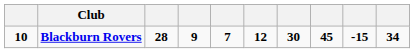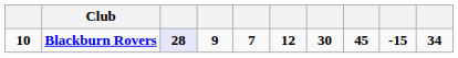 <table class="wikitable" style="text-align:center;border:1px solid #AAAAAA;font-size:90%">
 <tr>
 <th width=30></th>
 <th>Club</th>
 <th width=30></th>
 <th width=30></th>
 <th width=30></th>
 <th width=30></th>
 <th width=30></th>
 <th width=30></th>
 <th width=30></th>
 <th width=30></th>
 </tr>
 <tr>
 <td><strong>10</strong></td>
 <td align=left><strong><a href='#'>Blackburn Rovers</a></strong></td>
-<td><strong>28</strong></td>
+<td style="background: lavender;"><strong>28</strong></td>
 <td><strong>9</strong></td>
 <td><strong>7</strong></td>
 <td><strong>12</strong></td>
 <td><strong>30</strong></td>
 <td><strong>45</strong></td>
 <td><strong>-15</strong></td>
 <td><strong>34</strong></td>
 </tr>
 </table>
